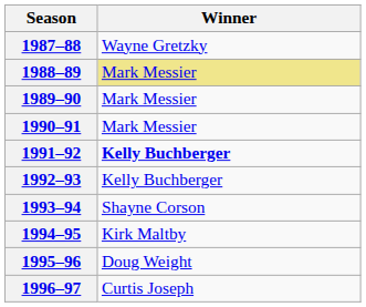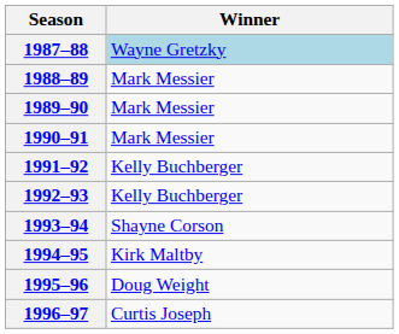 <table class="wikitable">
 <tr>
 <th scope="col" style="width:5em">Season</th>
 <th scope="col" style="width:15em">Winner</th>
 </tr>
 <tr>
 <th scope="row"><a href='#'>1987–88</a></th>
-<td><a href='#'>Wayne Gretzky</a></td>
+<td style="background: lightblue;"><a href='#'>Wayne Gretzky</a></td>
 </tr>
 <tr>
 <th scope="row"><a href='#'>1988–89</a></th>
-<td style="background: khaki;"><a href='#'>Mark Messier</a></td>
+<td><a href='#'>Mark Messier</a></td>
 </tr>
 <tr>
 <th scope="row"><a href='#'>1989–90</a></th>
 <td><a href='#'>Mark Messier</a></td>
 </tr>
 <tr>
 <th scope="row"><a href='#'>1990–91</a></th>
 <td><a href='#'>Mark Messier</a></td>
 </tr>
 <tr>
 <th scope="row"><a href='#'>1991–92</a></th>
-<td><strong><a href='#'>Kelly Buchberger</a></strong></td>
+<td><a href='#'>Kelly Buchberger</a></td>
 </tr>
 <tr>
 <th scope="row"><a href='#'>1992–93</a></th>
 <td><a href='#'>Kelly Buchberger</a></td>
 </tr>
 <tr>
 <th scope="row"><a href='#'>1993–94</a></th>
 <td><a href='#'>Shayne Corson</a></td>
 </tr>
 <tr>
 <th scope="row"><a href='#'>1994–95</a></th>
 <td><a href='#'>Kirk Maltby</a></td>
 </tr>
 <tr>
 <th scope="row"><a href='#'>1995–96</a></th>
 <td><a href='#'>Doug Weight</a></td>
 </tr>
 <tr>
 <th scope="row"><a href='#'>1996–97</a></th>
 <td><a href='#'>Curtis Joseph</a></td>
 </tr>
 </table>
